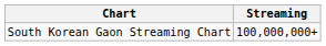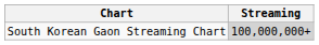 <table class="wikitable sortable plainrowheaders" style="text-align:center;">
 <tr>
 <th>Chart</th>
 <th>Streaming</th>
 </tr>
 <tr>
 <td>South Korean Gaon Streaming Chart</td>
-<td>100,000,000+</td>
+<td style="background: lightgrey;">100,000,000+</td>
 </tr>
 </table>
